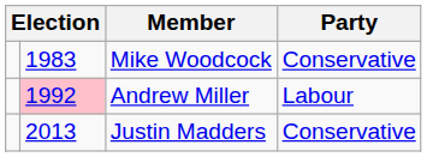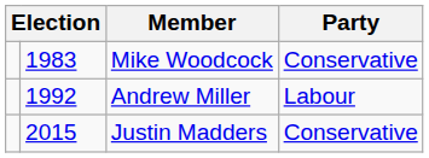 <table class="wikitable">
 <tr>
 <th colspan="2">Election</th>
 <th>Member</th>
 <th>Party</th>
 </tr>
 <tr>
 <td style="color:inherit;background-color: "></td>
 <td><a href='#'>1983</a></td>
 <td><a href='#'>Mike Woodcock</a></td>
 <td><a href='#'>Conservative</a></td>
 </tr>
 <tr>
 <td style="color:inherit;background-color: "></td>
-<td style="background: pink;"><a href='#'>1992</a></td>
+<td><a href='#'>1992</a></td>
 <td><a href='#'>Andrew Miller</a></td>
 <td><a href='#'>Labour</a></td>
 </tr>
 <tr>
 <td style="color:inherit;background-color: "></td>
-<td><a href='#'>2013</a></td>
+<td><a href='#'>2015</a></td>
 <td><a href='#'>Justin Madders</a></td>
 <td><a href='#'>Conservative</a></td>
 </tr>
 </table>
